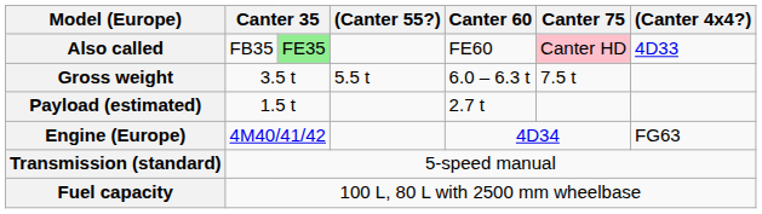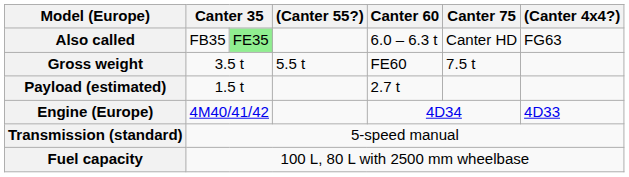 <table class="wikitable">
 <tr>
 <th>Model (Europe)</th>
 <th colspan="2">Canter 35</th>
 <th>(Canter 55?)</th>
 <th>Canter 60</th>
 <th>Canter 75</th>
 <th>(Canter 4x4?)</th>
 </tr>
 <tr>
 <th>Also called</th>
 <td>FB35</td>
 <td style="background: lightgreen;">FE35</td>
 <td></td>
-<td>FE60</td>
-<td style="background: pink;">Canter HD</td>
-<td colspan="1" style="text-align-centre;"><a href='#'>4D33</a></td>
+<td>6.0 – 6.3 t</td>
+<td>Canter HD</td>
+<td>FG63</td>
 </tr>
 <tr>
 <th>Gross weight</th>
 <td colspan="2" style="text-align:center;">3.5 t</td>
 <td>5.5 t</td>
-<td>6.0 – 6.3 t</td>
+<td>FE60</td>
 <td>7.5 t</td>
 <td></td>
 </tr>
 <tr>
 <th>Payload (estimated)</th>
 <td colspan="2" style="text-align:center;">1.5 t</td>
 <td></td>
 <td>2.7 t</td>
 <td></td>
 <td></td>
 </tr>
 <tr>
 <th>Engine (Europe)</th>
 <td colspan="2" style="text-align:center;"><a href='#'>4M40/41/42</a></td>
 <td></td>
 <td colspan="2" style="text-align:center;"><a href='#'>4D34</a></td>
-<td>FG63</td>
+<td colspan="1" style="text-align-centre;"><a href='#'>4D33</a></td>
 </tr>
 <tr>
 <th>Transmission (standard)</th>
 <td colspan="6" style="text-align:center;">5-speed manual</td>
 </tr>
 <tr>
 <th>Fuel capacity</th>
 <td colspan="6" style="text-align:center;">100 L, 80 L with 2500 mm wheelbase</td>
 </tr>
 </table>
